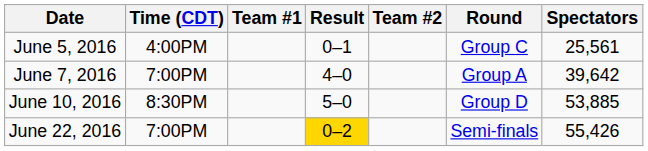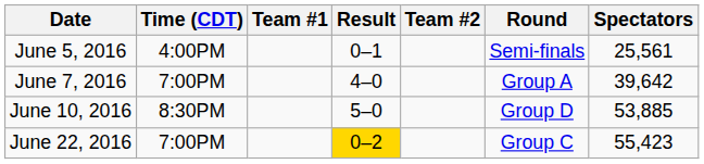 <table class="wikitable" style="text-align:center">
 <tr>
 <th style="text-align:center;">Date</th>
 <th style="text-align:center;">Time (<a href='#'>CDT</a>)</th>
 <th style="text-align:center;">Team #1</th>
 <th style="text-align:center;">Result</th>
 <th style="text-align:center;">Team #2</th>
 <th style="text-align:center;">Round</th>
 <th style="text-align:center;">Spectators</th>
 </tr>
 <tr>
 <td>June 5, 2016</td>
 <td>4:00PM</td>
 <td></td>
 <td>0–1</td>
 <td><strong></strong></td>
-<td><a href='#'>Group C</a></td>
+<td><a href='#'>Semi-finals</a></td>
 <td>25,561</td>
 </tr>
 <tr>
 <td>June 7, 2016</td>
 <td>7:00PM</td>
 <td><strong></strong></td>
 <td>4–0</td>
 <td></td>
 <td><a href='#'>Group A</a></td>
 <td>39,642</td>
 </tr>
 <tr>
 <td>June 10, 2016</td>
 <td>8:30PM</td>
 <td><strong></strong></td>
 <td>5–0</td>
 <td></td>
 <td><a href='#'>Group D</a></td>
 <td>53,885</td>
 </tr>
 <tr>
 <td>June 22, 2016</td>
 <td>7:00PM</td>
 <td></td>
 <td style="background: gold;">0–2</td>
 <td><strong></strong></td>
-<td><a href='#'>Semi-finals</a></td>
-<td>55,426</td>
+<td><a href='#'>Group C</a></td>
+<td>55,423</td>
 </tr>
 </table>
